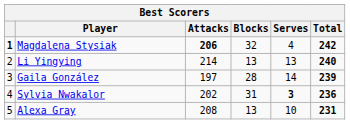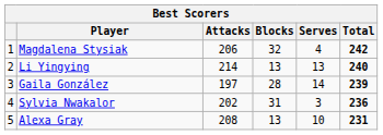 <table class="wikitable sortable" style=font-size:90%>
 <tr>
 <th colspan=6>Best Scorers</th>
 </tr>
 <tr>
 <th></th>
 <th width=200>Player</th>
 <th width=20>Attacks</th>
 <th width=20>Blocks</th>
 <th width=20>Serves</th>
 <th width=20>Total</th>
 </tr>
 <tr>
-<td><strong>1</strong></td>
+<td>1</td>
 <td> <a href='#'>Magdalena Stysiak</a></td>
-<td align=center><strong>206</strong></td>
+<td align=center>206</td>
 <td align=center>32</td>
 <td align=center>4</td>
 <td align=center><strong>242</strong></td>
 </tr>
 <tr>
 <td>2</td>
 <td> <a href='#'>Li Yingying</a></td>
 <td align=center>214</td>
 <td align=center>13</td>
 <td align=center>13</td>
 <td align=center><strong>240</strong></td>
 </tr>
 <tr>
 <td>3</td>
 <td> <a href='#'>Gaila González</a></td>
 <td align=center>197</td>
 <td align=center>28</td>
 <td align=center>14</td>
 <td align=center><strong>239</strong></td>
 </tr>
 <tr>
 <td>4</td>
 <td> <a href='#'>Sylvia Nwakalor</a></td>
 <td align=center>202</td>
 <td align=center>31</td>
-<td align=center><strong>3</strong></td>
+<td align=center>3</td>
 <td align=center><strong>236</strong></td>
 </tr>
 <tr>
 <td>5</td>
 <td> <a href='#'>Alexa Gray</a></td>
 <td align=center>208</td>
 <td align=center>13</td>
 <td align=center>10</td>
 <td align=center><strong>231</strong></td>
 </tr>
 </table>
